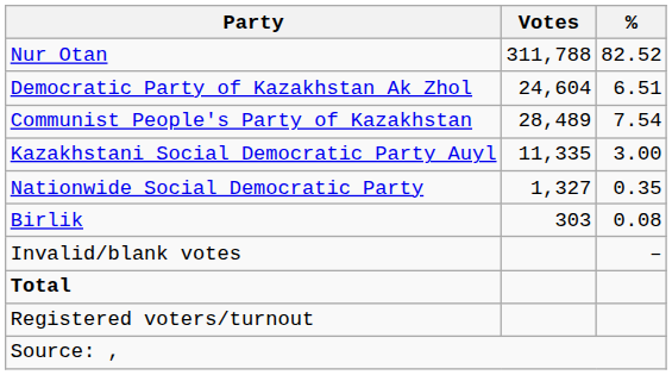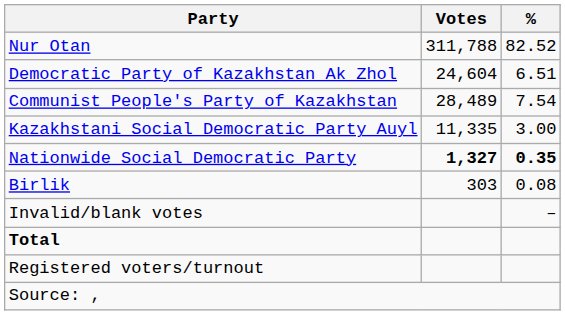 <table class=wikitable style=text-align:right>
 <tr>
 <th>Party</th>
 <th>Votes</th>
 <th>%</th>
 </tr>
 <tr>
 <td align=left><a href='#'>Nur Otan</a></td>
 <td>311,788</td>
 <td>82.52</td>
 </tr>
 <tr>
 <td align=left><a href='#'>Democratic Party of Kazakhstan Ak Zhol</a></td>
 <td>24,604</td>
 <td>6.51</td>
 </tr>
 <tr>
 <td align=left><a href='#'>Communist People's Party of Kazakhstan</a></td>
 <td>28,489</td>
 <td>7.54</td>
 </tr>
 <tr>
 <td align=left><a href='#'>Kazakhstani Social Democratic Party Auyl</a></td>
 <td>11,335</td>
 <td>3.00</td>
 </tr>
 <tr>
 <td align=left><a href='#'>Nationwide Social Democratic Party</a></td>
-<td>1,327</td>
-<td>0.35</td>
+<td><strong>1,327</strong></td>
+<td><strong>0.35</strong></td>
 </tr>
 <tr>
 <td align=left><a href='#'>Birlik</a></td>
 <td>303</td>
 <td>0.08</td>
 </tr>
 <tr>
 <td align=left>Invalid/blank votes</td>
 <td></td>
 <td>–</td>
 </tr>
 <tr>
 <td align=left><strong>Total</strong></td>
 <td></td>
 <td></td>
 </tr>
 <tr>
 <td align=left>Registered voters/turnout</td>
 <td></td>
 <td></td>
 </tr>
 <tr>
 <td style="text-align:left;" colspan="5">Source: , </td>
 </tr>
 </table>
